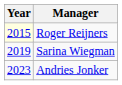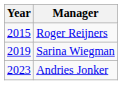 <table class="wikitable">
 <tr>
 <th>Year</th>
 <th>Manager</th>
 </tr>
 <tr>
-<td align=center style="background: lightyellow;"><a href='#'>2015</a></td>
+<td align=center><a href='#'>2015</a></td>
 <td> <a href='#'>Roger Reijners</a></td>
 </tr>
 <tr>
 <td align=center><a href='#'>2019</a></td>
 <td> <a href='#'>Sarina Wiegman</a></td>
 </tr>
 <tr>
 <td align=center><a href='#'>2023</a></td>
 <td> <a href='#'>Andries Jonker</a></td>
 </tr>
 </table>
